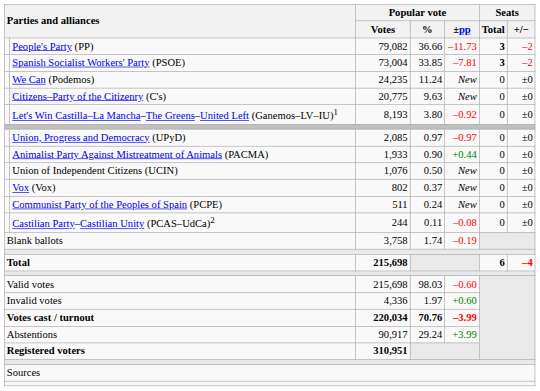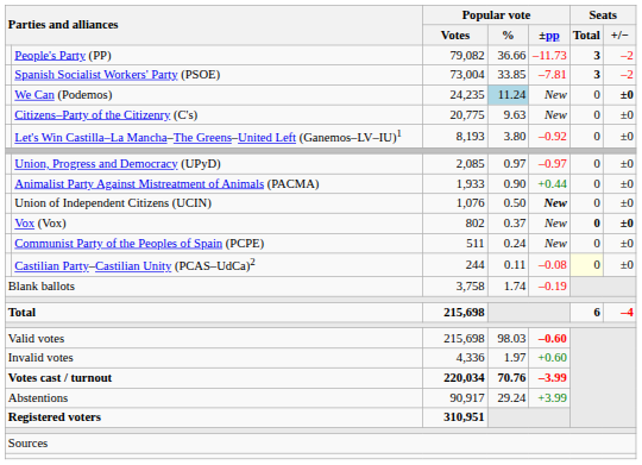 <table class="wikitable" style="text-align:right;">
 <tr>
 <th style="text-align:left;" rowspan="2" colspan="2" width="525">Parties and alliances</th>
 <th colspan="3">Popular vote</th>
 <th colspan="2">Seats</th>
 </tr>
 <tr>
 <th width="75">Votes</th>
 <th width="45">%</th>
 <th width="45">±<a href='#'>pp</a></th>
 <th width="35">Total</th>
 <th width="35">+/−</th>
 </tr>
 <tr>
 <td width="1" style="color:inherit;background:"></td>
 <td align="left"><a href='#'>People's Party</a> (PP)</td>
 <td>79,082</td>
 <td>36.66</td>
 <td style="color:red;">–11.73</td>
 <td><strong>3</strong></td>
 <td style="color:red;">–2</td>
 </tr>
 <tr>
 <td style="color:inherit;background:"></td>
 <td align="left"><a href='#'>Spanish Socialist Workers' Party</a> (PSOE)</td>
 <td>73,004</td>
 <td>33.85</td>
 <td style="color:red;">–7.81</td>
 <td><strong>3</strong></td>
 <td style="color:red;">–2</td>
 </tr>
 <tr>
 <td style="color:inherit;background:"></td>
 <td align="left"><a href='#'>We Can</a> (Podemos)</td>
 <td>24,235</td>
-<td>11.24</td>
+<td style="background: lightblue;">11.24</td>
 <td><em>New</em></td>
 <td>0</td>
-<td>±0</td>
+<td><strong>±0</strong></td>
 </tr>
 <tr>
 <td style="color:inherit;background:"></td>
 <td align="left"><a href='#'>Citizens–Party of the Citizenry</a> (C's)</td>
 <td>20,775</td>
 <td>9.63</td>
 <td><em>New</em></td>
 <td>0</td>
 <td>±0</td>
 </tr>
 <tr>
 <td style="color:inherit;background:"></td>
 <td align="left"><a href='#'>Let's Win Castilla–La Mancha</a>–<a href='#'>The Greens</a>–<a href='#'>United Left</a> (Ganemos–LV–IU)<sup>1</sup></td>
 <td>8,193</td>
 <td>3.80</td>
 <td style="color:red;">–0.92</td>
 <td>0</td>
 <td>±0</td>
 </tr>
 <tr>
 <td colspan="7" bgcolor="#C0C0C0"></td>
 </tr>
 <tr>
 <td style="color:inherit;background:"></td>
 <td align="left"><a href='#'>Union, Progress and Democracy</a> (UPyD)</td>
 <td>2,085</td>
 <td>0.97</td>
 <td style="color:red;">–0.97</td>
 <td>0</td>
 <td>±0</td>
 </tr>
 <tr>
 <td style="color:inherit;background:"></td>
 <td align="left"><a href='#'>Animalist Party Against Mistreatment of Animals</a> (PACMA)</td>
 <td>1,933</td>
 <td>0.90</td>
 <td style="color:green;">+0.44</td>
 <td>0</td>
 <td>±0</td>
 </tr>
 <tr>
 <td style="color:inherit;background:"></td>
 <td align="left">Union of Independent Citizens (UCIN)</td>
 <td>1,076</td>
 <td>0.50</td>
-<td><em>New</em></td>
+<td><strong><em>New</em></strong></td>
 <td>0</td>
 <td>±0</td>
 </tr>
 <tr>
 <td style="color:inherit;background:"></td>
 <td align="left"><a href='#'>Vox</a> (Vox)</td>
 <td>802</td>
 <td>0.37</td>
 <td><em>New</em></td>
-<td>0</td>
-<td>±0</td>
+<td><strong>0</strong></td>
+<td><strong>±0</strong></td>
 </tr>
 <tr>
 <td style="color:inherit;background:"></td>
 <td align="left"><a href='#'>Communist Party of the Peoples of Spain</a> (PCPE)</td>
 <td>511</td>
 <td>0.24</td>
 <td><em>New</em></td>
 <td>0</td>
 <td>±0</td>
 </tr>
 <tr>
 <td style="color:inherit;background:"></td>
 <td align="left"><a href='#'>Castilian Party</a>–<a href='#'>Castilian Unity</a> (PCAS–UdCa)<sup>2</sup></td>
 <td>244</td>
 <td>0.11</td>
 <td style="color:red;">–0.08</td>
-<td>0</td>
+<td style="background: lightyellow;">0</td>
 <td>±0</td>
 </tr>
 <tr>
 <td align="left" colspan="2">Blank ballots</td>
 <td>3,758</td>
 <td>1.74</td>
 <td style="color:red;">–0.19</td>
 <td bgcolor="#E9E9E9" colspan="2"></td>
 </tr>
 <tr>
 <td colspan="7" bgcolor="#E9E9E9"></td>
 </tr>
 <tr style="font-weight:bold;">
 <td align="left" colspan="2">Total</td>
 <td>215,698</td>
 <td bgcolor="#E9E9E9" colspan="2"></td>
 <td>6</td>
 <td style="color:red;">–4</td>
 </tr>
 <tr>
 <td colspan="7" bgcolor="#E9E9E9"></td>
 </tr>
 <tr>
 <td align="left" colspan="2">Valid votes</td>
 <td>215,698</td>
 <td>98.03</td>
-<td style="color:red;">–0.60</td>
+<td style="color:red;"><strong>–0.60</strong></td>
 <td bgcolor="#E9E9E9" colspan="2" rowspan="5"></td>
 </tr>
 <tr>
 <td align="left" colspan="2">Invalid votes</td>
 <td>4,336</td>
 <td>1.97</td>
 <td style="color:green;">+0.60</td>
 </tr>
 <tr style="font-weight:bold;">
 <td align="left" colspan="2">Votes cast / turnout</td>
 <td>220,034</td>
 <td>70.76</td>
 <td style="color:red;">–3.99</td>
 </tr>
 <tr>
 <td align="left" colspan="2">Abstentions</td>
 <td>90,917</td>
 <td>29.24</td>
 <td style="color:green;">+3.99</td>
 </tr>
 <tr style="font-weight:bold;">
 <td align="left" colspan="2">Registered voters</td>
 <td>310,951</td>
 <td bgcolor="#E9E9E9" colspan="2"></td>
 </tr>
 <tr>
 <td colspan="7" bgcolor="#E9E9E9"></td>
 </tr>
 <tr>
 <td align="left" colspan="7">Sources</td>
 </tr>
 <tr>
 <td colspan="7" style="text-align:left; max-width:790px;"></td>
 </tr>
 </table>
